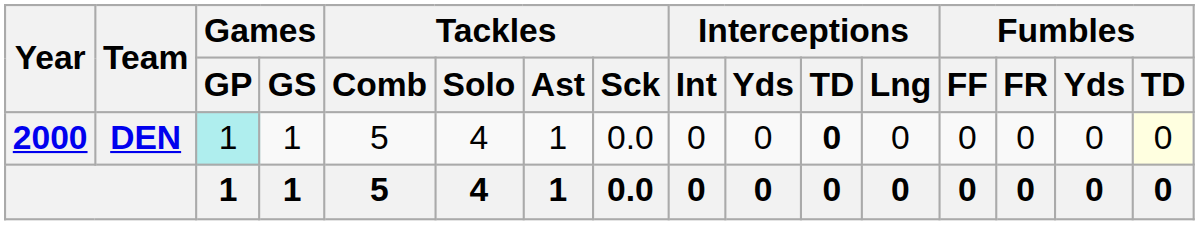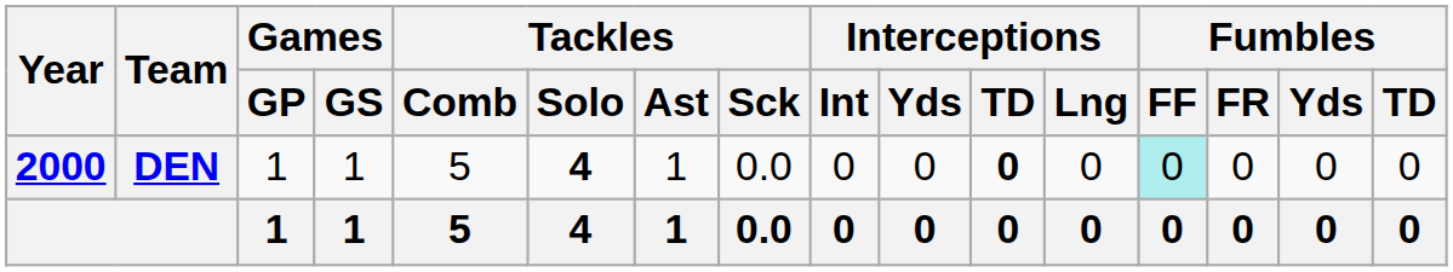 <table class="wikitable" style="text-align:center">
 <tr>
 <th rowspan="2">Year</th>
 <th rowspan="2">Team</th>
 <th colspan="2">Games</th>
 <th colspan="4">Tackles</th>
 <th colspan="4">Interceptions</th>
 <th colspan="4">Fumbles</th>
 </tr>
 <tr>
 <th>GP</th>
 <th>GS</th>
 <th>Comb</th>
 <th>Solo</th>
 <th>Ast</th>
 <th>Sck</th>
 <th>Int</th>
 <th>Yds</th>
 <th>TD</th>
 <th>Lng</th>
 <th>FF</th>
 <th>FR</th>
 <th>Yds</th>
 <th>TD</th>
 </tr>
 <tr>
 <th><a href='#'>2000</a></th>
 <th><a href='#'>DEN</a></th>
-<td style="background: paleturquoise;">1</td>
+<td>1</td>
 <td>1</td>
 <td>5</td>
-<td>4</td>
+<td><strong>4</strong></td>
 <td>1</td>
 <td>0.0</td>
 <td>0</td>
 <td>0</td>
 <td><strong>0</strong></td>
 <td>0</td>
+<td style="background: paleturquoise;">0</td>
 <td>0</td>
 <td>0</td>
 <td>0</td>
-<td style="background: lightyellow;">0</td>
 </tr>
 <tr>
 <th colspan="2"></th>
 <th>1</th>
 <th>1</th>
 <th>5</th>
 <th>4</th>
 <th>1</th>
 <th>0.0</th>
 <th>0</th>
 <th>0</th>
 <th>0</th>
 <th>0</th>
 <th>0</th>
 <th>0</th>
 <th>0</th>
 <th>0</th>
 </tr>
 </table>
